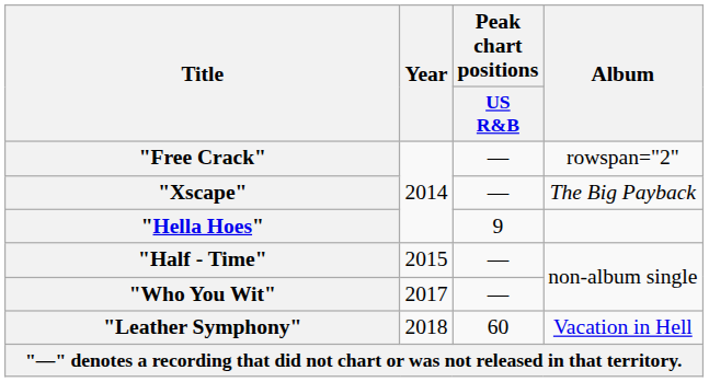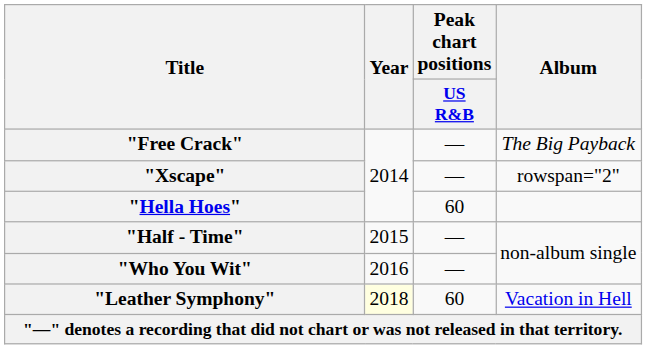 <table class="wikitable plainrowheaders" style="text-align:center;">
 <tr>
 <th scope="col" rowspan="2" style="width:18em;">Title</th>
 <th scope="col" rowspan="2">Year</th>
 <th scope="col" colspan="1">Peak chart positions</th>
 <th scope="col" rowspan="2">Album</th>
 </tr>
 <tr>
 <th scope="col" style="width:3em;font-size:90%;"><a href='#'>US<br>R&B</a><br></th>
 </tr>
 <tr>
 <th scope="row">"Free Crack"<br></th>
 <td rowspan="3">2014</td>
 <td>—</td>
-<td>rowspan="2" </td>
+<td><em>The Big Payback</em></td>
 </tr>
 <tr>
 <th scope="row">"Xscape"<br></th>
 <td>—</td>
-<td><em>The Big Payback</em></td>
+<td>rowspan="2" </td>
 </tr>
 <tr>
 <th scope="row">"<a href='#'>Hella Hoes</a>"<br></th>
-<td>9</td>
+<td>60</td>
 </tr>
 <tr>
 <th scope="row">"Half - Time"<br></th>
 <td>2015</td>
 <td>—</td>
 <td rowspan="2">non-album single</td>
 </tr>
 <tr>
 <th scope="row">"Who You Wit"<br></th>
-<td>2017</td>
+<td>2016</td>
 <td>—</td>
 </tr>
 <tr>
 <th scope="row">"Leather Symphony"<br></th>
-<td>2018</td>
+<td style="background: lightyellow;">2018</td>
 <td>60</td>
 <td><a href='#'>Vacation in Hell</a></td>
 </tr>
 <tr>
 <th colspan="9" style="font-size:90%">"—" denotes a recording that did not chart or was not released in that territory.</th>
 </tr>
 </table>
